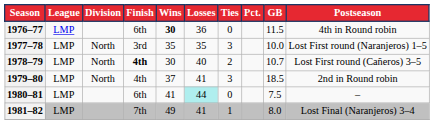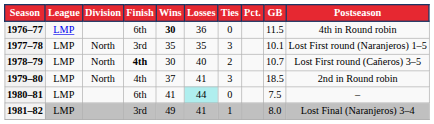 <table class="wikitable plainrowheaders sortable" style="text-align:center;">
 <tr>
 <th scope="col" style="background-color:#E62831; color:#FFFFFF; border:2px solid #1A3663;">Season</th>
 <th scope="col" class="unsortable" style="background-color:#E62831; color:#FFFFFF; border:2px solid #1A3663;">League</th>
 <th scope="col" class="unsortable" style="background-color:#E62831; color:#FFFFFF; border:2px solid #1A3663;">Division</th>
 <th scope="col" style="background-color:#E62831; color:#FFFFFF; border:2px solid #1A3663;">Finish</th>
 <th scope="col" style="background-color:#E62831; color:#FFFFFF; border:2px solid #1A3663;">Wins</th>
 <th scope="col" style="background-color:#E62831; color:#FFFFFF; border:2px solid #1A3663;">Losses</th>
 <th scope="col" style="background-color:#E62831; color:#FFFFFF; border:2px solid #1A3663;">Ties</th>
 <th scope="col" style="background-color:#E62831; color:#FFFFFF; border:2px solid #1A3663;">Pct.</th>
 <th scope="col" data-sort-type="number" style="background-color:#E62831; color:#FFFFFF; border:2px solid #1A3663;">GB</th>
 <th scope="col" style="background-color:#E62831; color:#FFFFFF; border:2px solid #1A3663;">Postseason</th>
 </tr>
 <tr>
 <th scope="row" style="text-align:center;">1976–77</th>
 <td><a href='#'>LMP</a></td>
 <td></td>
 <td>6th</td>
 <td><strong>30</strong></td>
 <td>36</td>
 <td>0</td>
 <td></td>
 <td>11.5</td>
 <td align=center>4th in Round robin</td>
 </tr>
 <tr>
 <th scope="row" style="text-align:center;">1977–78</th>
 <td>LMP</td>
 <td>North</td>
 <td>3rd</td>
 <td>35</td>
 <td>35</td>
 <td>3</td>
 <td></td>
-<td>10.0</td>
+<td>10.1</td>
 <td align=center>Lost First round (Naranjeros) 1–5</td>
 </tr>
 <tr>
 <th scope="row" style="text-align:center;">1978–79</th>
 <td>LMP</td>
 <td>North</td>
 <td><strong>4th</strong></td>
 <td>30</td>
 <td>40</td>
 <td>2</td>
 <td></td>
 <td>10.7</td>
 <td align=center>Lost First round (Cañeros) 3–5</td>
 </tr>
 <tr>
 <th scope="row" style="text-align:center;">1979–80</th>
 <td>LMP</td>
 <td>North</td>
 <td>4th</td>
 <td>37</td>
 <td>41</td>
 <td>3</td>
 <td></td>
 <td>18.5</td>
 <td align=center>2nd in Round robin</td>
 </tr>
 <tr>
 <th scope="row" style="text-align:center;">1980–81</th>
 <td>LMP</td>
 <td></td>
 <td>6th</td>
 <td>41</td>
 <td style="background: paleturquoise;">44</td>
 <td>0</td>
 <td></td>
 <td>7.5</td>
 <td align=center>–</td>
 </tr>
 <tr bgcolor=#C0C0C0>
 <th scope="row" style="text-align:center; bgcolor:#C0C0C0">1981–82</th>
 <td>LMP</td>
 <td></td>
-<td>7th</td>
+<td>3rd</td>
 <td>49</td>
 <td>41</td>
 <td>1</td>
 <td></td>
 <td>8.0</td>
 <td align=center>Lost Final (Naranjeros) 3–4</td>
 </tr>
 <tr>
 </tr>
 </table>
